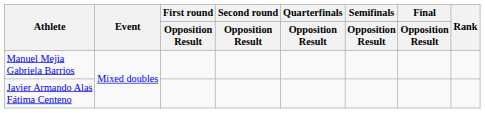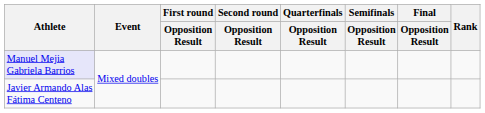 <table class="wikitable" style="font-size:90%">
 <tr>
 <th rowspan="2">Athlete</th>
 <th rowspan="2">Event</th>
 <th>First round</th>
 <th>Second round</th>
 <th>Quarterfinals</th>
 <th>Semifinals</th>
 <th>Final</th>
 <th rowspan="2">Rank</th>
 </tr>
 <tr>
 <th>Opposition<br>Result</th>
 <th>Opposition<br>Result</th>
 <th>Opposition<br>Result</th>
 <th>Opposition<br>Result</th>
 <th>Opposition<br>Result</th>
 </tr>
 <tr>
-<td><a href='#'>Manuel Mejia</a><br><a href='#'>Gabriela Barrios</a></td>
+<td style="background: lavender;"><a href='#'>Manuel Mejia</a><br><a href='#'>Gabriela Barrios</a></td>
 <td rowspan=2><a href='#'>Mixed doubles</a></td>
 <td><br></td>
 <td></td>
 <td></td>
 <td></td>
 <td></td>
 <td></td>
 </tr>
 <tr>
 <td><a href='#'>Javier Armando Alas</a><br><a href='#'>Fátima Centeno</a></td>
 <td><br></td>
 <td></td>
 <td></td>
 <td></td>
 <td></td>
 <td></td>
 </tr>
 </table>
